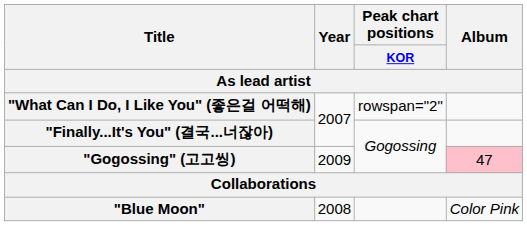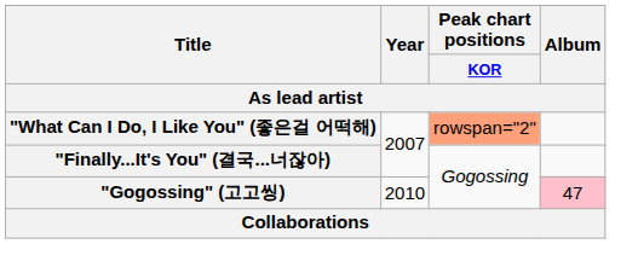 <table class="wikitable plainrowheaders" style="text-align:center;">
 <tr>
 <th rowspan="2" scope="col">Title</th>
 <th rowspan="2" scope="col">Year</th>
 <th colspan="1" scope="col" style="width:5em;">Peak chart positions</th>
 <th rowspan="2" scope="col">Album</th>
 </tr>
 <tr>
 <th><small><a href='#'>KOR</a></small><br></th>
 </tr>
 <tr>
 <th colspan="4">As lead artist</th>
 </tr>
 <tr>
 <th scope="row">"What Can I Do, I Like You" (좋은걸 어떡해)</th>
 <td rowspan="2">2007</td>
-<td>rowspan="2" </td>
+<td style="background: lightsalmon;">rowspan="2" </td>
 <td></td>
 </tr>
 <tr>
 <th scope="row">"Finally...It's You" (결국...너잖아)</th>
 <td rowspan="2"><em>Gogossing</em></td>
 </tr>
 <tr>
 <th scope="row">"Gogossing" (고고씽)</th>
-<td>2009</td>
+<td>2010</td>
 <td style="background: pink;">47</td>
 </tr>
 <tr>
 <th colspan="4">Collaborations</th>
 </tr>
-<tr>
-<th scope="row">"Blue Moon"<br></th>
-<td>2008</td>
-<td></td>
-<td><em>Color Pink</em></td>
-</tr>
 </table>
